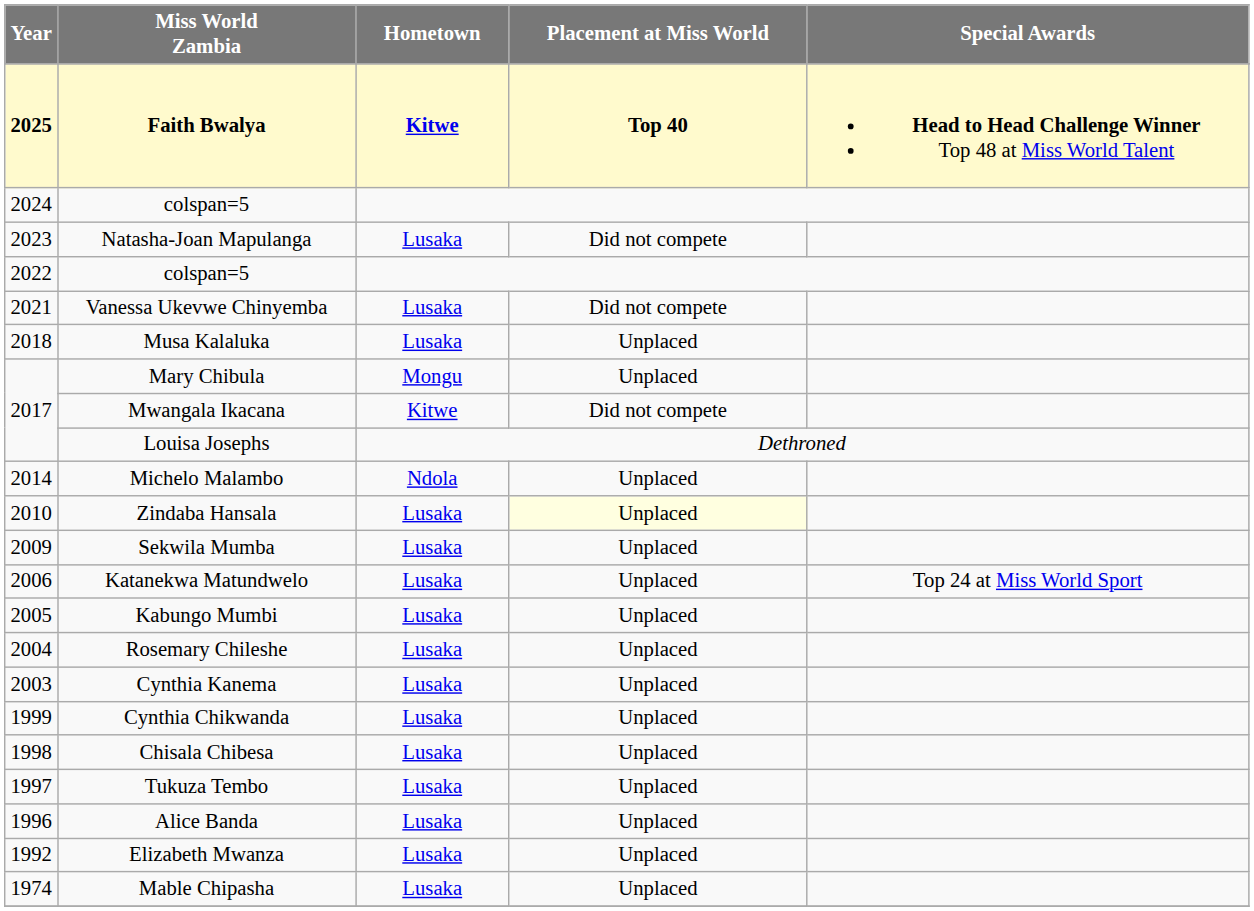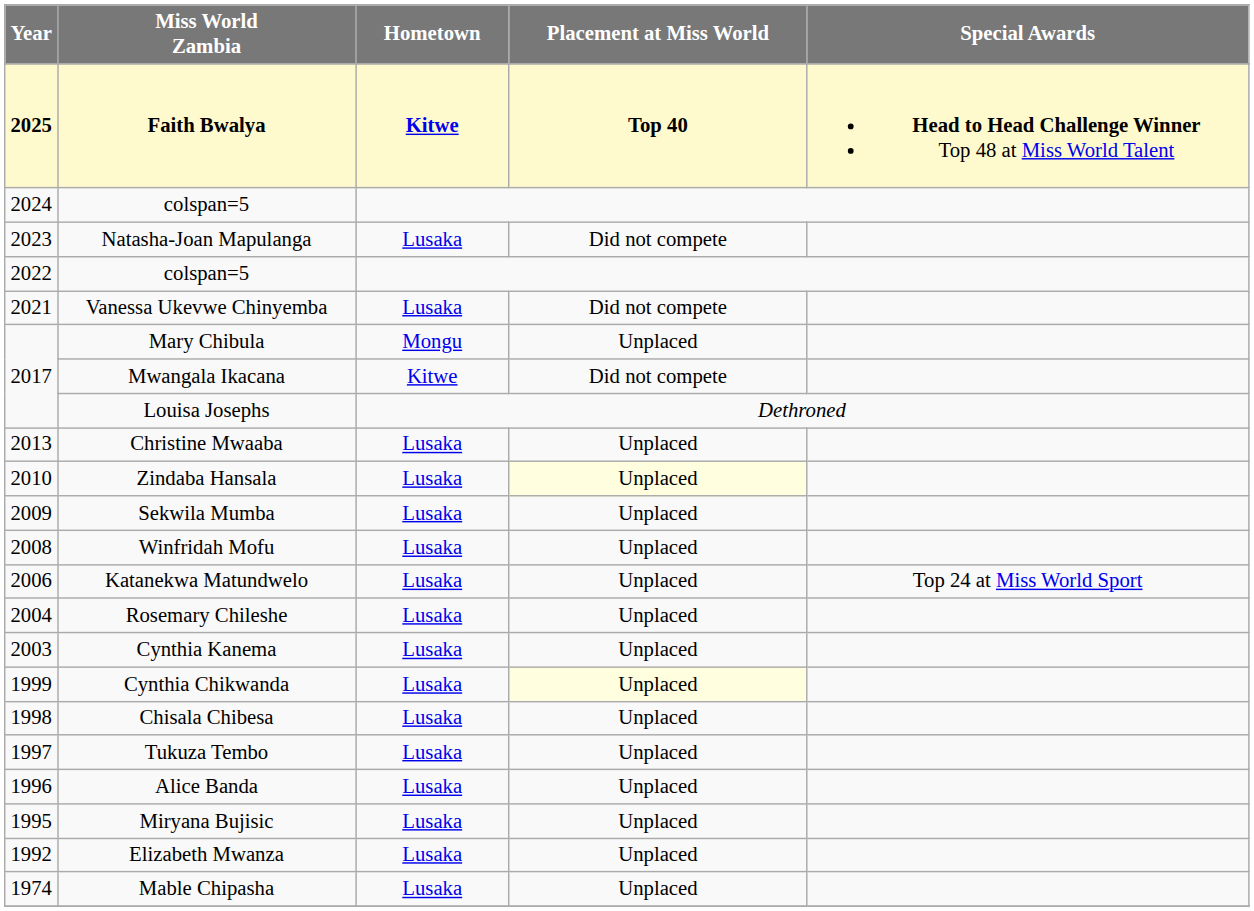 <table class="wikitable sortable" style="font-size: 90%; text-align:center">
 <tr>
 <th width="30" style="background-color:#787878;color:#FFFFFF;">Year</th>
 <th width="200" style="background-color:#787878;color:#FFFFFF;">Miss  World<br>Zambia</th>
 <th width="100" style="background-color:#787878;color:#FFFFFF;">Hometown</th>
 <th width="200" style="background-color:#787878;color:#FFFFFF;">Placement at Miss World</th>
 <th width="300" style="background-color:#787878;color:#FFFFFF;">Special Awards</th>
 </tr>
 <tr>
 </tr>
 <tr style="background-color:#FFFACD">
 <td><strong>2025</strong></td>
 <td><strong>Faith Bwalya</strong></td>
 <td><strong><a href='#'>Kitwe</a></strong></td>
 <td><strong>Top 40</strong></td>
 <td><br><ul><li><strong>Head to Head Challenge Winner</strong></li><li>Top 48 at <a href='#'>Miss World Talent</a></li></ul></td>
 </tr>
 <tr>
 <td>2024</td>
 <td>colspan=5 </td>
 </tr>
 <tr>
 <td>2023</td>
 <td>Natasha-Joan Mapulanga</td>
 <td><a href='#'>Lusaka</a></td>
 <td>Did not compete</td>
 <td></td>
 </tr>
 <tr>
 <td>2022</td>
 <td>colspan=5 </td>
 </tr>
 <tr>
 <td>2021</td>
 <td>Vanessa Ukevwe Chinyemba</td>
 <td><a href='#'>Lusaka</a></td>
 <td>Did not compete</td>
 <td></td>
 </tr>
 <tr>
-<td>2018</td>
-<td>Musa Kalaluka</td>
-<td><a href='#'>Lusaka</a></td>
-<td>Unplaced</td>
-<td></td>
-</tr>
-<tr>
 <td rowspan="3">2017</td>
 <td>Mary Chibula</td>
 <td><a href='#'>Mongu</a></td>
 <td>Unplaced</td>
 <td></td>
 </tr>
 <tr>
 <td>Mwangala Ikacana</td>
 <td><a href='#'>Kitwe</a></td>
 <td>Did not compete</td>
 <td></td>
 </tr>
 <tr>
 <td>Louisa Josephs</td>
 <td colspan="3" style="text-align:center;"><em>Dethroned</em></td>
 </tr>
 <tr>
-<td>2014</td>
-<td>Michelo Malambo</td>
-<td><a href='#'>Ndola</a></td>
+<td>2013</td>
+<td>Christine Mwaaba</td>
+<td><a href='#'>Lusaka</a></td>
 <td>Unplaced</td>
 <td></td>
 </tr>
 <tr>
 <td>2010</td>
 <td>Zindaba Hansala</td>
 <td><a href='#'>Lusaka</a></td>
 <td style="background: lightyellow;">Unplaced</td>
 <td></td>
 </tr>
 <tr>
 <td>2009</td>
 <td>Sekwila Mumba</td>
 <td><a href='#'>Lusaka</a></td>
 <td>Unplaced</td>
 <td></td>
 </tr>
 <tr>
+<td>2008</td>
+<td>Winfridah Mofu</td>
+<td><a href='#'>Lusaka</a></td>
+<td>Unplaced</td>
+<td></td>
+</tr>
+<tr>
 <td>2006</td>
 <td>Katanekwa Matundwelo</td>
 <td><a href='#'>Lusaka</a></td>
 <td>Unplaced</td>
 <td>Top 24 at <a href='#'>Miss World Sport</a></td>
-</tr>
-<tr>
-<td>2005</td>
-<td>Kabungo Mumbi</td>
-<td><a href='#'>Lusaka</a></td>
-<td>Unplaced</td>
-<td></td>
 </tr>
 <tr>
 <td>2004</td>
 <td>Rosemary Chileshe</td>
 <td><a href='#'>Lusaka</a></td>
 <td>Unplaced</td>
 <td></td>
 </tr>
 <tr>
 <td>2003</td>
 <td>Cynthia Kanema</td>
 <td><a href='#'>Lusaka</a></td>
 <td>Unplaced</td>
 <td></td>
 </tr>
 <tr>
 <td>1999</td>
 <td>Cynthia Chikwanda</td>
 <td><a href='#'>Lusaka</a></td>
-<td>Unplaced</td>
+<td style="background: lightyellow;">Unplaced</td>
 <td></td>
 </tr>
 <tr>
 <td>1998</td>
 <td>Chisala Chibesa</td>
 <td><a href='#'>Lusaka</a></td>
 <td>Unplaced</td>
 <td></td>
 </tr>
 <tr>
 <td>1997</td>
 <td>Tukuza Tembo</td>
 <td><a href='#'>Lusaka</a></td>
 <td>Unplaced</td>
 <td></td>
 </tr>
 <tr>
 <td>1996</td>
 <td>Alice Banda</td>
 <td><a href='#'>Lusaka</a></td>
 <td>Unplaced</td>
 <td></td>
 </tr>
 <tr>
+<td>1995</td>
+<td>Miryana Bujisic</td>
+<td><a href='#'>Lusaka</a></td>
+<td>Unplaced</td>
+<td></td>
+</tr>
+<tr>
 <td>1992</td>
 <td>Elizabeth Mwanza</td>
 <td><a href='#'>Lusaka</a></td>
 <td>Unplaced</td>
 <td></td>
 </tr>
 <tr>
 <td>1974</td>
 <td>Mable Chipasha</td>
 <td><a href='#'>Lusaka</a></td>
 <td>Unplaced</td>
 <td></td>
 </tr>
 <tr>
 </tr>
 </table>
